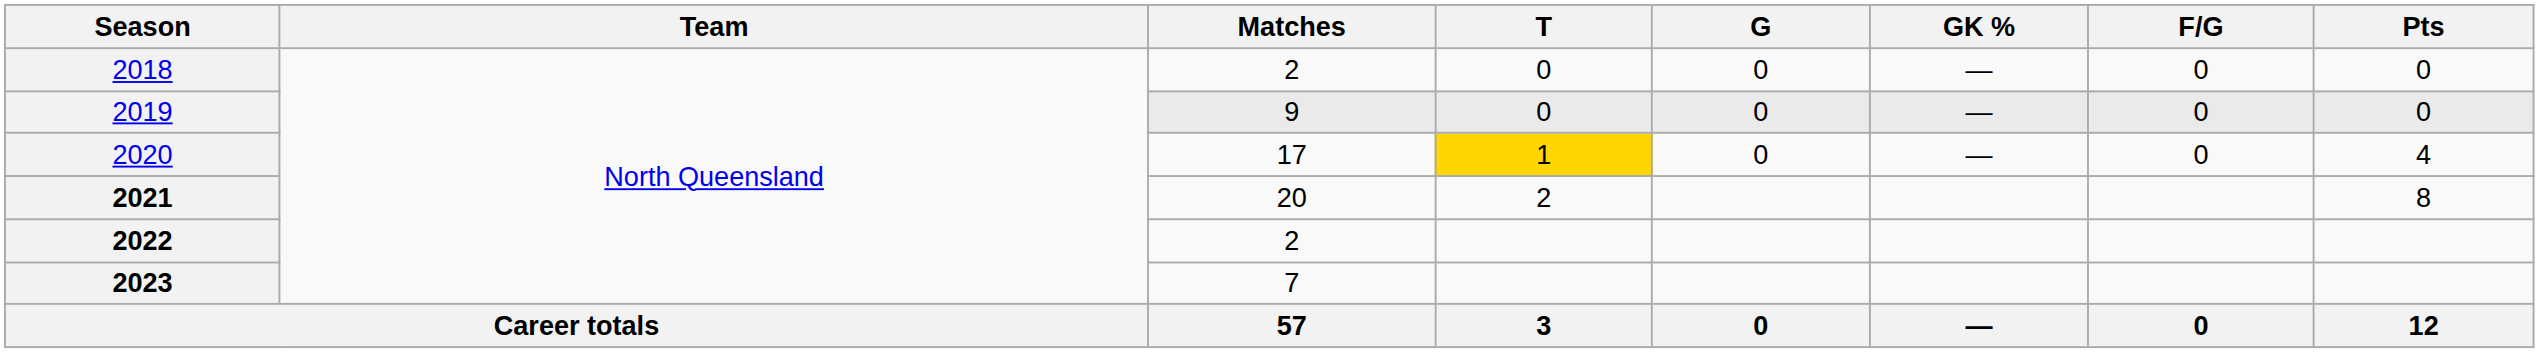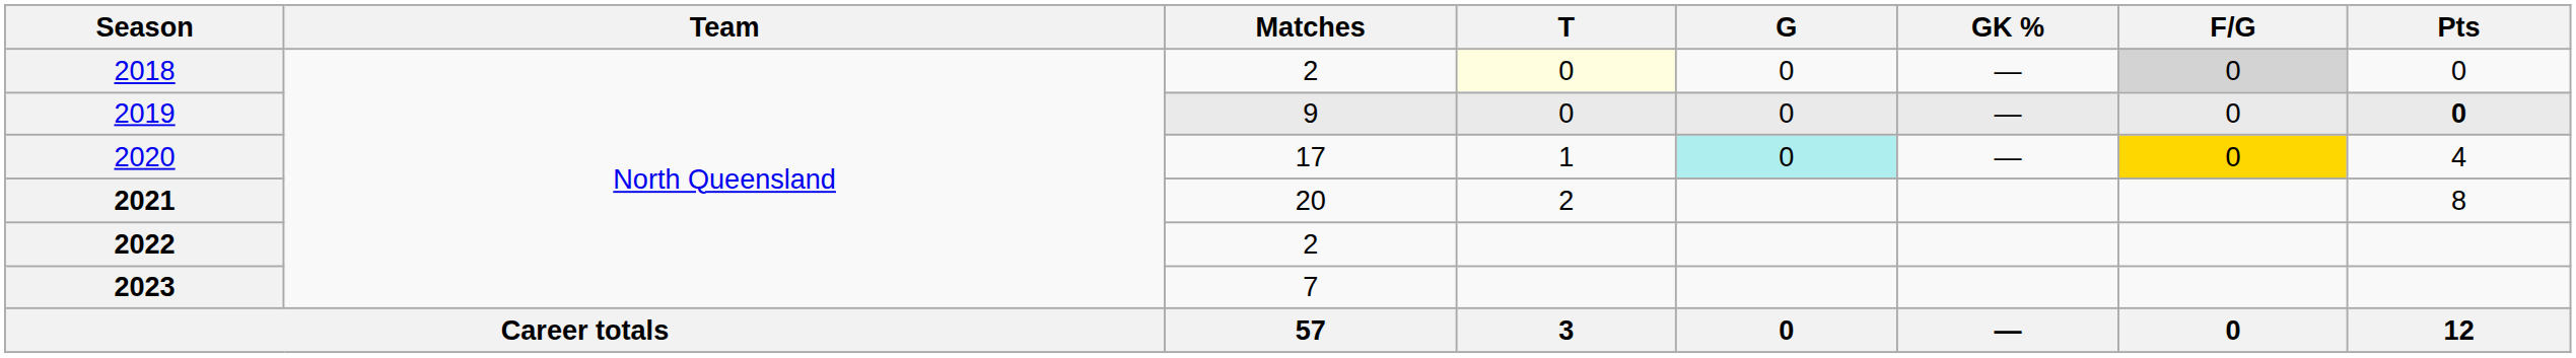 <table class="wikitable sortable"  style="font-size:90%; text-align:center; width:85%;">
 <tr>
 <th width=2%>Season</th>
 <th width=8%>Team</th>
 <th width=2%>Matches</th>
 <th width=2%>T</th>
 <th width=2%>G</th>
 <th width=2%>GK %</th>
 <th width=2%>F/G</th>
 <th width=2%>Pts</th>
 </tr>
 <tr>
 <th scope="row" style="text-align:center; font-weight:normal"><a href='#'>2018</a></th>
 <td rowspan="6" style="text-align:center;"> <a href='#'>North Queensland</a></td>
 <td>2</td>
-<td>0</td>
+<td style="background: lightyellow;">0</td>
 <td>0</td>
 <td>—</td>
-<td>0</td>
+<td style="background: lightgrey;">0</td>
 <td>0</td>
 </tr>
 <tr style="background:#eaeaea;">
 <th scope="row" style="text-align:center; font-weight:normal"><a href='#'>2019</a></th>
 <td>9</td>
 <td>0</td>
 <td>0</td>
 <td>—</td>
 <td>0</td>
-<td>0</td>
+<td><strong>0</strong></td>
 </tr>
 <tr>
 <th scope="row" style="text-align:center; font-weight:normal"><a href='#'>2020</a></th>
 <td>17</td>
-<td style="background: gold;">1</td>
-<td>0</td>
+<td>1</td>
+<td style="background: paleturquoise;">0</td>
 <td>—</td>
-<td>0</td>
+<td style="background: gold;">0</td>
 <td>4</td>
 </tr>
 <tr>
 <th>2021</th>
 <td>20</td>
 <td>2</td>
 <td></td>
 <td></td>
 <td></td>
 <td>8</td>
 </tr>
 <tr>
 <th>2022</th>
 <td>2</td>
 <td></td>
 <td></td>
 <td></td>
 <td></td>
 <td></td>
 </tr>
 <tr>
 <th>2023</th>
 <td>7</td>
 <td></td>
 <td></td>
 <td></td>
 <td></td>
 <td></td>
 </tr>
 <tr class="sortbottom">
 <th colspan="2">Career totals</th>
 <th>57</th>
 <th>3</th>
 <th>0</th>
 <th>—</th>
 <th>0</th>
 <th>12</th>
 </tr>
 </table>
